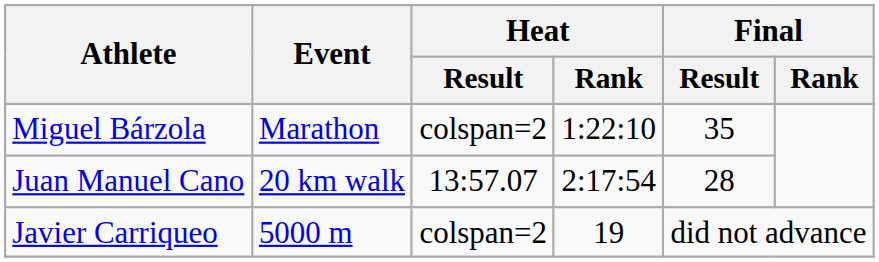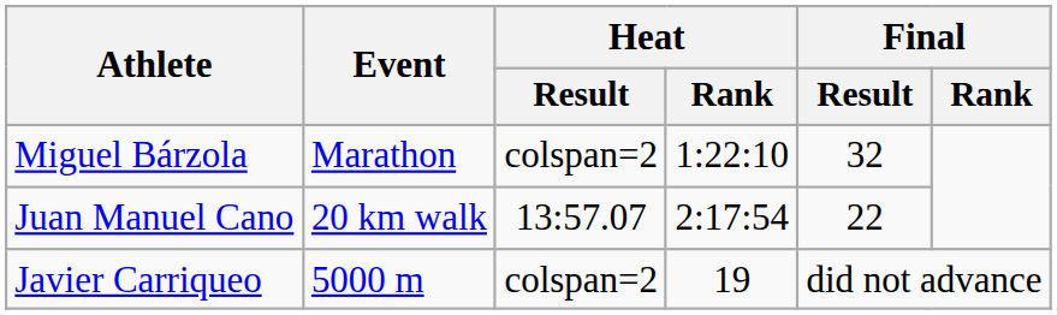 <table class="wikitable" style="font-size:90%">
 <tr>
 <th rowspan="2">Athlete</th>
 <th rowspan="2">Event</th>
 <th colspan="2">Heat</th>
 <th colspan="2">Final</th>
 </tr>
 <tr style="font-size:95%">
 <th>Result</th>
 <th>Rank</th>
 <th>Result</th>
 <th>Rank</th>
 </tr>
 <tr align=center>
 <td align=left><a href='#'>Miguel Bárzola</a></td>
 <td align=left><a href='#'>Marathon</a></td>
 <td>colspan=2 </td>
 <td>1:22:10</td>
-<td>35</td>
+<td>32</td>
 </tr>
 <tr align=center>
 <td align=left><a href='#'>Juan Manuel Cano</a></td>
 <td align=left><a href='#'>20 km walk</a></td>
 <td>13:57.07</td>
 <td>2:17:54</td>
-<td>28</td>
+<td>22</td>
 </tr>
 <tr align=center>
 <td align=left><a href='#'>Javier Carriqueo</a></td>
 <td align=left><a href='#'>5000 m</a></td>
 <td>colspan=2 </td>
 <td>19</td>
 <td colspan=2>did not advance</td>
 </tr>
 </table>
